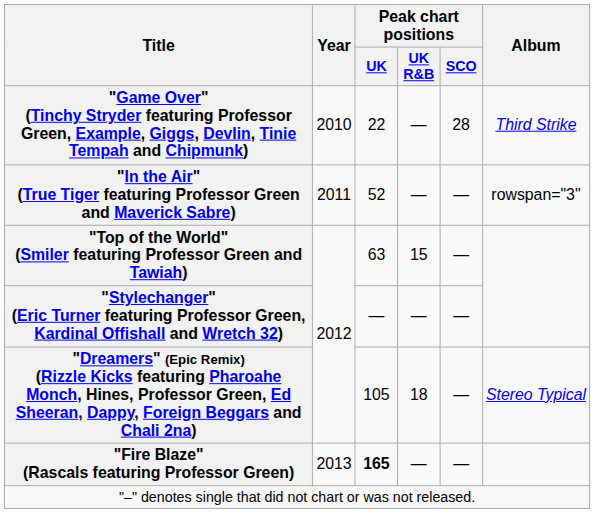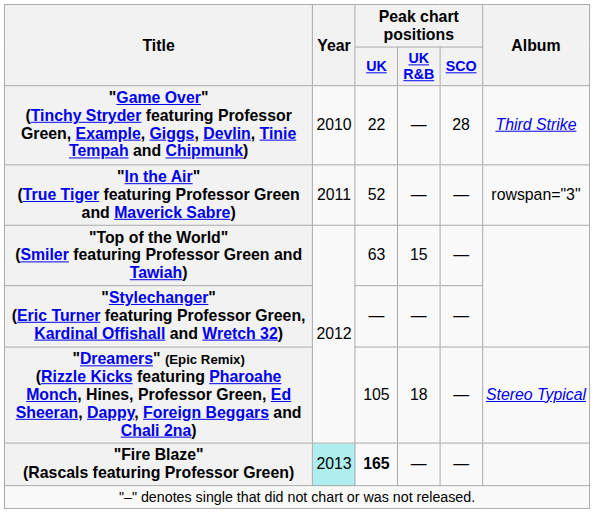 <table class="wikitable plainrowheaders" style="text-align:center;" border="1">
 <tr>
 <th scope="col" rowspan="2" style="width:19em;">Title</th>
 <th scope="col" rowspan="2" style="width:1em;">Year</th>
 <th scope="col" colspan="3">Peak chart positions</th>
 <th scope="col" rowspan="2">Album</th>
 </tr>
 <tr>
 <th scope="col" style="width:2.5em;font-size:90%;"><a href='#'>UK</a><br></th>
 <th scope="col" style="width:2.5em;font-size:90%;"><a href='#'>UK R&B</a><br></th>
 <th scope="col" style="width:2.5em;font-size:90%;"><a href='#'>SCO</a><br></th>
 </tr>
 <tr>
 <th scope="row">"<a href='#'>Game Over</a>"<br><span>(<a href='#'>Tinchy Stryder</a> featuring Professor Green, <a href='#'>Example</a>, <a href='#'>Giggs</a>, <a href='#'>Devlin</a>, <a href='#'>Tinie Tempah</a> and <a href='#'>Chipmunk</a>)</span></th>
 <td>2010</td>
 <td>22</td>
 <td>—</td>
 <td>28</td>
 <td><em><a href='#'>Third Strike</a></em></td>
 </tr>
 <tr>
 <th scope="row">"<a href='#'>In the Air</a>"<br><span>(<a href='#'>True Tiger</a> featuring Professor Green and <a href='#'>Maverick Sabre</a>)</span></th>
 <td>2011</td>
 <td>52</td>
 <td>—</td>
 <td>—</td>
 <td>rowspan="3" </td>
 </tr>
 <tr>
 <th scope="row">"Top of the World"<br><span>(<a href='#'>Smiler</a> featuring Professor Green and <a href='#'>Tawiah</a>)</span></th>
 <td rowspan="3">2012</td>
 <td>63</td>
 <td>15</td>
 <td>—</td>
 </tr>
 <tr>
 <th scope="row">"<a href='#'>Stylechanger</a>"<br><span>(<a href='#'>Eric Turner</a> featuring Professor Green, <a href='#'>Kardinal Offishall</a> and <a href='#'>Wretch 32</a>)</span></th>
 <td>—</td>
 <td>—</td>
 <td>—</td>
 </tr>
 <tr>
 <th scope="row">"<a href='#'>Dreamers</a>" <small>(Epic Remix)</small><br><span>(<a href='#'>Rizzle Kicks</a> featuring <a href='#'>Pharoahe Monch</a>, Hines, Professor Green, <a href='#'>Ed Sheeran</a>, <a href='#'>Dappy</a>, <a href='#'>Foreign Beggars</a> and <a href='#'>Chali 2na</a>)</span></th>
 <td>105</td>
 <td>18</td>
 <td>—</td>
 <td><em><a href='#'>Stereo Typical</a></em></td>
 </tr>
 <tr>
 <th scope="row">"Fire Blaze"<br><span>(Rascals featuring Professor Green)</span></th>
-<td>2013</td>
+<td style="background: paleturquoise;">2013</td>
 <td><strong>165</strong></td>
 <td>—</td>
 <td>—</td>
 <td></td>
 </tr>
 <tr>
 <td colspan="14" style="text-align:center; font-size:90%;">"–" denotes single that did not chart or was not released.</td>
 </tr>
 </table>
